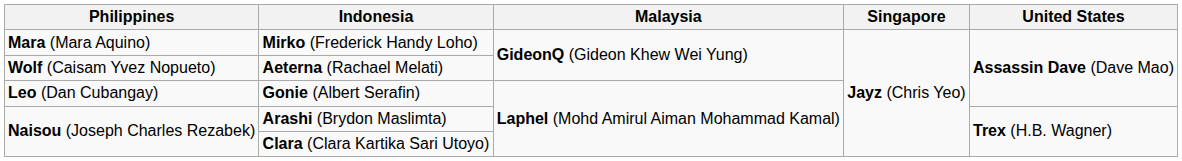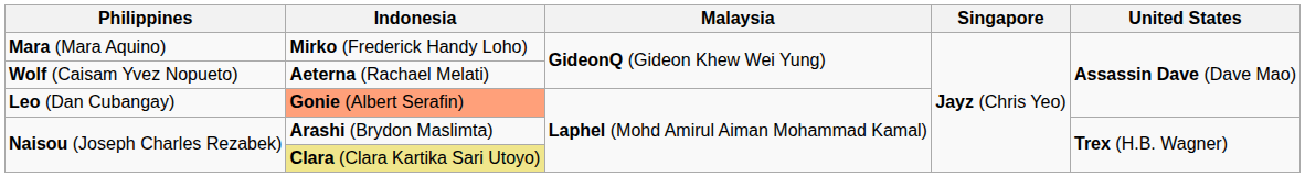 <table class="wikitable" style="margin-left: auto; margin-right: auto; border: none;">
 <tr>
 <th> Philippines</th>
 <th> Indonesia</th>
 <th> Malaysia</th>
 <th> Singapore</th>
 <th> United States</th>
 </tr>
 <tr>
 <td rowspan="2"><strong>Mara</strong> (Mara Aquino)</td>
 <td><strong>Mirko</strong> (Frederick Handy Loho)</td>
 <td rowspan="3"><strong>GideonQ</strong> (Gideon Khew Wei Yung)</td>
 <td rowspan="6"><strong>Jayz</strong> (Chris Yeo)</td>
 <td rowspan="4"><strong>Assassin Dave</strong> (Dave Mao)</td>
 </tr>
 <tr>
 <td rowspan="2"><strong>Aeterna</strong> (Rachael Melati)</td>
 </tr>
 <tr>
 <td><strong>Wolf</strong> (Caisam Yvez Nopueto)</td>
 </tr>
 <tr>
 <td><strong>Leo</strong> (Dan Cubangay)</td>
-<td><strong>Gonie</strong> (Albert Serafin)</td>
+<td style="background: lightsalmon;"><strong>Gonie</strong> (Albert Serafin)</td>
 <td rowspan="3"><strong>Laphel</strong> (Mohd Amirul Aiman Mohammad Kamal)</td>
 </tr>
 <tr>
 <td rowspan="2"><strong>Naisou</strong> (Joseph Charles Rezabek)</td>
 <td><strong>Arashi</strong> (Brydon Maslimta)</td>
 <td rowspan="2"><strong>Trex</strong> (H.B. Wagner)</td>
 </tr>
 <tr>
-<td><strong>Clara</strong> (Clara Kartika Sari Utoyo)</td>
+<td style="background: khaki;"><strong>Clara</strong> (Clara Kartika Sari Utoyo)</td>
 </tr>
 </table>
